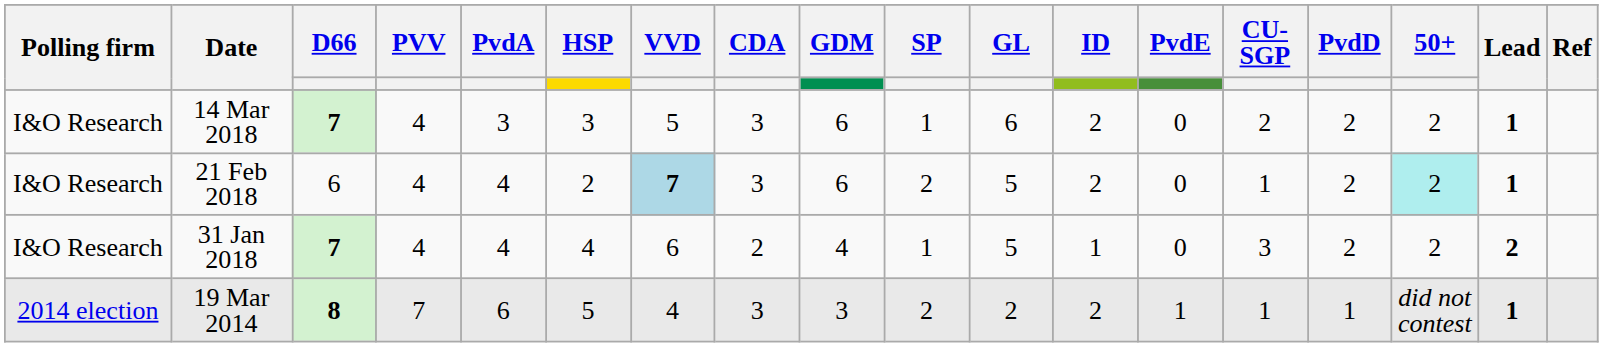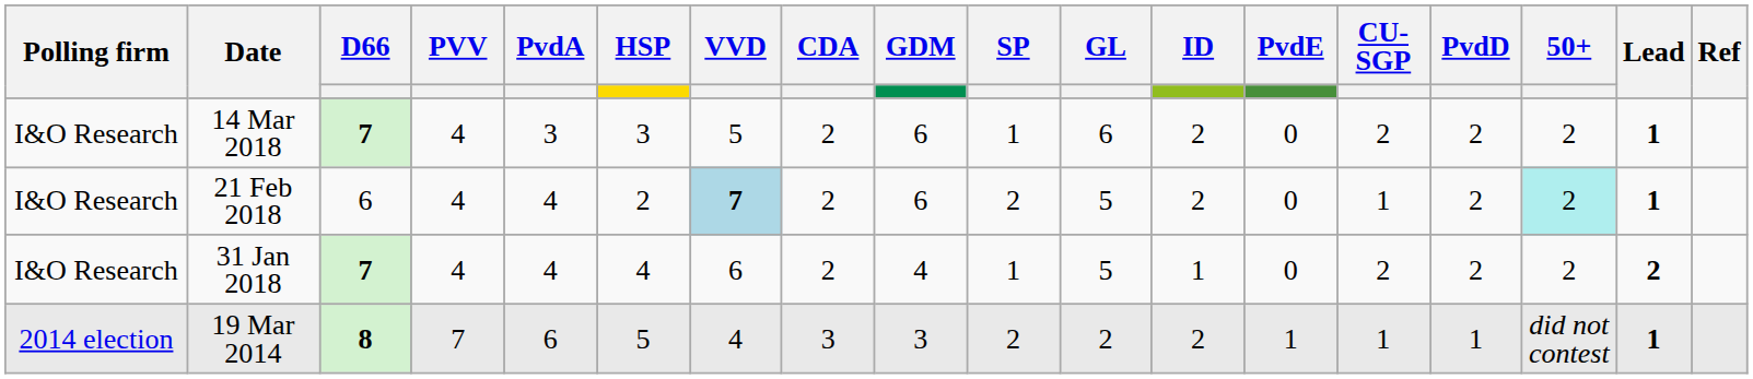 <table class="wikitable sortable" style="text-align:center;font-size:90%;line-height:14px;">
 <tr style="height:40px;">
 <th style="width:85px;" rowspan="2">Polling firm</th>
 <th style="width:60px;" rowspan="2">Date</th>
 <th class="unsortable" style="width:40px;"><a href='#'>D66</a></th>
 <th class="unsortable" style="width:40px;"><a href='#'>PVV</a></th>
 <th class="unsortable" style="width:40px;"><a href='#'>PvdA</a></th>
 <th class="unsortable" style="width:40px;"><a href='#'>HSP</a></th>
 <th class="unsortable" style="width:40px;"><a href='#'>VVD</a></th>
 <th class="unsortable" style="width:40px;"><a href='#'>CDA</a></th>
 <th class="unsortable" style="width:40px;"><a href='#'>GDM</a></th>
 <th class="unsortable" style="width:40px;"><a href='#'>SP</a></th>
 <th class="unsortable" style="width:40px;"><a href='#'>GL</a></th>
 <th class="unsortable" style="width:40px;"><a href='#'>ID</a></th>
 <th class="unsortable" style="width:40px;"><a href='#'>PvdE</a></th>
 <th class="unsortable" style="width:40px;"><a href='#'>CU-SGP</a></th>
 <th class="unsortable" style="width:40px;"><a href='#'>PvdD</a></th>
 <th class="unsortable" style="width:40px;"><a href='#'>50+</a></th>
 <th style="width:30px;" rowspan="2">Lead</th>
 <th class="unsortable" rowspan="2">Ref</th>
 </tr>
 <tr>
 <th style="background:"></th>
 <th style="background:"></th>
 <th style="background:"></th>
 <th style="background:#fcda00;"></th>
 <th style="background:"></th>
 <th style="background:"></th>
 <th style="background:#008f51;"></th>
 <th style="background:"></th>
 <th style="background:"></th>
 <th style="background:#91bd1e;"></th>
 <th style="background:#478f3a;"></th>
 <th style="background:"></th>
 <th style="background:"></th>
 <th style="background:"></th>
 </tr>
 <tr>
 <td>I&O Research</td>
 <td>14 Mar 2018</td>
 <td style="background:#D3F2D0"><strong>7</strong></td>
 <td>4</td>
 <td>3</td>
 <td>3</td>
 <td>5</td>
-<td>3</td>
+<td>2</td>
 <td>6</td>
 <td>1</td>
 <td>6</td>
 <td>2</td>
 <td>0</td>
 <td>2</td>
 <td>2</td>
 <td>2</td>
 <td style="background:"><strong>1</strong></td>
 <td></td>
 </tr>
 <tr>
 <td>I&O Research</td>
 <td>21 Feb 2018</td>
 <td>6</td>
 <td>4</td>
 <td>4</td>
 <td>2</td>
 <td style="background:lightblue"><strong>7</strong></td>
-<td>3</td>
+<td>2</td>
 <td>6</td>
 <td>2</td>
 <td>5</td>
 <td>2</td>
 <td>0</td>
 <td>1</td>
 <td>2</td>
 <td style="background: paleturquoise;">2</td>
 <td style="background:"><strong>1</strong></td>
 <td></td>
 </tr>
 <tr>
 <td>I&O Research</td>
 <td>31 Jan 2018</td>
 <td style="background:#D3F2D0"><strong>7</strong></td>
 <td>4</td>
 <td>4</td>
 <td>4</td>
 <td>6</td>
 <td>2</td>
 <td>4</td>
 <td>1</td>
 <td>5</td>
 <td>1</td>
 <td>0</td>
-<td>3</td>
+<td>2</td>
 <td>2</td>
 <td>2</td>
 <td style="background:"><strong>2</strong></td>
 <td></td>
 </tr>
 <tr style="background-color:#E9E9E9">
 <td><a href='#'>2014 election</a></td>
 <td>19 Mar 2014</td>
 <td style="background:#D3F2D0"><strong>8</strong></td>
 <td>7</td>
 <td>6</td>
 <td>5</td>
 <td>4</td>
 <td>3</td>
 <td>3</td>
 <td>2</td>
 <td>2</td>
 <td>2</td>
 <td>1</td>
 <td>1</td>
 <td>1</td>
 <td><em>did not contest</em></td>
 <td style="background:"><strong>1</strong></td>
 <td></td>
 </tr>
 </table>
